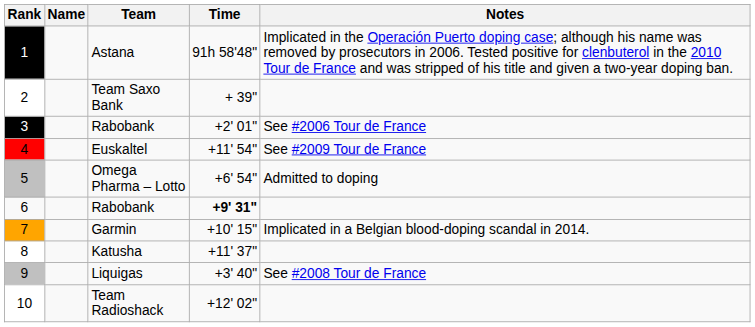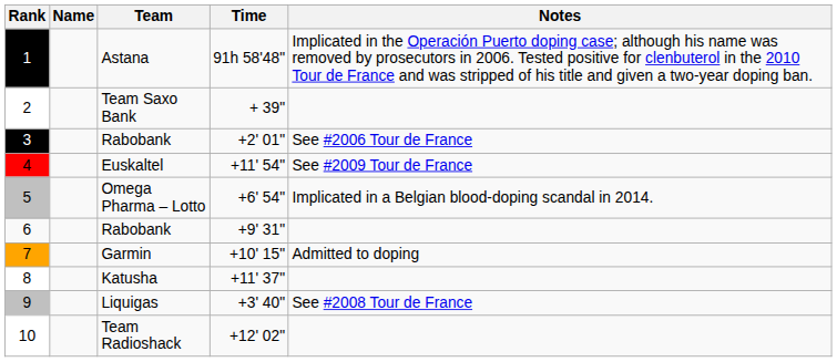 <table class="wikitable" style="margin-bottom:0;">
 <tr>
 <th>Rank</th>
 <th>Name</th>
 <th>Team</th>
 <th>Time</th>
 <th>Notes</th>
 </tr>
 <tr>
 <td style="text-align:center;background:black;color:white">1</td>
 <td nowrap></td>
 <td>Astana</td>
 <td align=right nowrap>91h 58'48"</td>
 <td>Implicated in the <a href='#'>Operación Puerto doping case</a>; although his name was removed by prosecutors in 2006. Tested positive for <a href='#'>clenbuterol</a> in the <a href='#'>2010 Tour de France</a> and was stripped of his title and given a two-year doping ban.</td>
 </tr>
 <tr>
 <td style="text-align:center;background:white">2</td>
 <td nowrap>  </td>
 <td>Team Saxo Bank</td>
 <td align=right>+ 39"</td>
 <td></td>
 </tr>
 <tr>
 <td style="text-align:center;background:black;color:white">3</td>
 <td nowrap></td>
 <td>Rabobank</td>
 <td align=right>+2' 01"</td>
 <td>See <a href='#'>#2006 Tour de France</a></td>
 </tr>
 <tr>
 <td style="text-align:center;background:red">4</td>
 <td nowrap></td>
 <td>Euskaltel</td>
 <td align=right>+11' 54"</td>
 <td>See <a href='#'>#2009 Tour de France</a></td>
 </tr>
 <tr>
 <td style="text-align:center;background:silver">5</td>
 <td nowrap></td>
 <td>Omega Pharma – Lotto</td>
 <td align=right>+6' 54"</td>
-<td>Admitted to doping</td>
+<td>Implicated in a Belgian blood-doping scandal in 2014.</td>
 </tr>
 <tr>
 <td style="text-align:center;balckground:white">6</td>
 <td nowrap></td>
 <td>Rabobank</td>
-<td align=right><strong>+9' 31"</strong></td>
+<td align=right>+9' 31"</td>
 <td></td>
 </tr>
 <tr>
 <td style="text-align:center;background:orange;">7</td>
 <td nowrap></td>
 <td>Garmin</td>
 <td align=right>+10' 15"</td>
-<td>Implicated in a Belgian blood-doping scandal in 2014.</td>
+<td>Admitted to doping</td>
 </tr>
 <tr>
 <td style="text-align:center;background:white">8</td>
 <td nowrap></td>
 <td>Katusha</td>
 <td align=right>+11' 37"</td>
 <td></td>
 </tr>
 <tr>
 <td style="text-align:center;background:silver;">9</td>
 <td nowrap></td>
 <td>Liquigas</td>
 <td align=right>+3' 40"</td>
 <td>See <a href='#'>#2008 Tour de France</a></td>
 </tr>
 <tr>
 <td style="text-align:center;background:white">10</td>
 <td nowrap></td>
 <td>Team Radioshack</td>
 <td align=right>+12' 02"</td>
 <td></td>
 </tr>
 </table>
